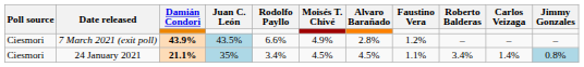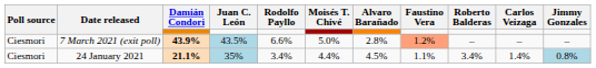 <table class="wikitable" style="text-align:center;font-size:90%;line-height:14px;">
 <tr>
 <th rowspan="2">Poll source</th>
 <th rowspan="2">Date released</th>
 <th style="width:60px"><a href='#'>Damián Condori</a></th>
 <th style="width:60px">Juan C. León</th>
 <th style="width:60px">Rodolfo Payllo</th>
 <th style="width:60px">Moisés T. Chivé</th>
 <th style="width:60px">Alvaro Barañado</th>
 <th style="width:60px">Faustino Vera</th>
 <th style="width:60px">Roberto Balderas</th>
 <th style="width:60px">Carlos Veizaga</th>
 <th style="width:60px">Jimmy Gonzales</th>
 </tr>
 <tr>
 <td style="background:#ED8603;"></td>
 <td style="background:"></td>
 <td style="background:"></td>
 <td style="background:#A00101;"></td>
 <td style="background:#FC8100;"></td>
 <td style="background:"></td>
 <td style="background:"></td>
 <td style="background:"></td>
 <td style="background:"></td>
 </tr>
 <tr>
 <td style="text-align:left;">Ciesmori</td>
 <td><em>7 March 2021 (exit poll)</em></td>
 <td style="background:#FDDCB8"><strong>43.9%</strong></td>
 <td style="background:lightblue">43.5%</td>
 <td>6.6%</td>
-<td>4.9%</td>
+<td>5.0%</td>
 <td>2.8%</td>
-<td>1.2%</td>
+<td style="background: lightsalmon;">1.2%</td>
 <td>–</td>
 <td>–</td>
 <td>–</td>
 </tr>
 <tr>
 <td style="text-align:left;">Ciesmori</td>
 <td>24 January 2021</td>
 <td style="background:#FDDCB8"><strong>21.1%</strong></td>
 <td style="background:lightblue">35%</td>
 <td>3.4%</td>
-<td>4.5%</td>
+<td>4.4%</td>
 <td>4.5%</td>
 <td>1.1%</td>
 <td>3.4%</td>
 <td>1.4%</td>
 <td style="background: lightblue;">0.8%</td>
 </tr>
 </table>
